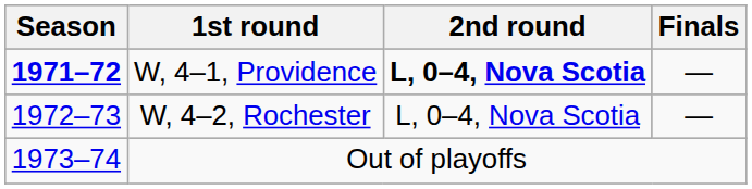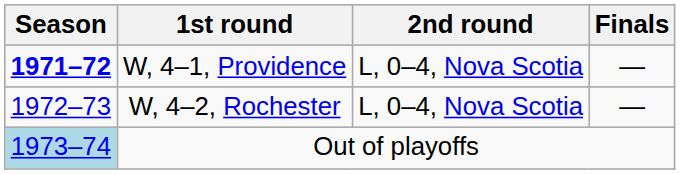 <table class="wikitable" style="text-align:center">
 <tr>
 <th>Season</th>
 <th>1st round</th>
 <th>2nd round</th>
 <th>Finals</th>
 </tr>
 <tr>
 <td><strong><a href='#'>1971–72</a></strong></td>
 <td>W, 4–1, <a href='#'>Providence</a></td>
-<td><strong>L, 0–4, <a href='#'>Nova Scotia</a></strong></td>
+<td>L, 0–4, <a href='#'>Nova Scotia</a></td>
 <td>—</td>
 </tr>
 <tr>
 <td><a href='#'>1972–73</a></td>
 <td>W, 4–2, <a href='#'>Rochester</a></td>
 <td>L, 0–4, <a href='#'>Nova Scotia</a></td>
 <td>—</td>
 </tr>
 <tr>
-<td><a href='#'>1973–74</a></td>
+<td style="background: lightblue;"><a href='#'>1973–74</a></td>
 <td colspan="3">Out of playoffs</td>
 </tr>
 </table>
